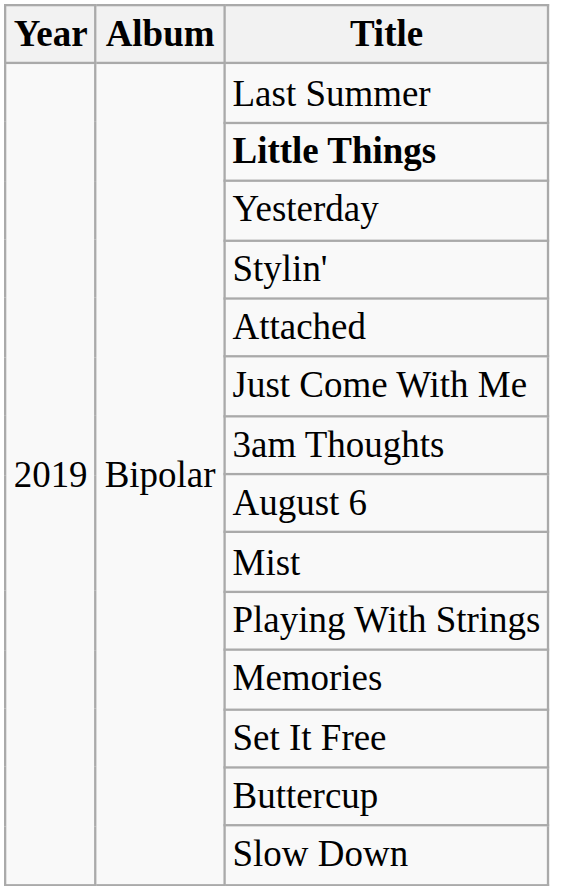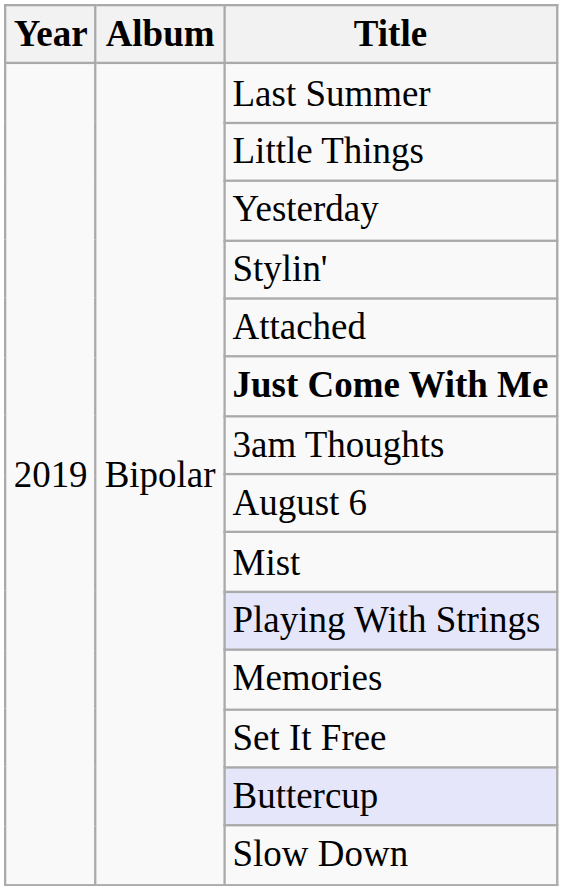 <table class="wikitable">
 <tr>
 <th>Year</th>
 <th>Album</th>
 <th>Title</th>
 </tr>
 <tr>
 <td rowspan="14">2019</td>
 <td rowspan="14">Bipolar</td>
 <td>Last Summer</td>
 </tr>
 <tr>
-<td><strong>Little Things</strong></td>
+<td>Little Things</td>
 </tr>
 <tr>
 <td>Yesterday</td>
 </tr>
 <tr>
 <td>Stylin'</td>
 </tr>
 <tr>
 <td>Attached</td>
 </tr>
 <tr>
-<td>Just Come With Me</td>
+<td><strong>Just Come With Me</strong></td>
 </tr>
 <tr>
 <td>3am Thoughts</td>
 </tr>
 <tr>
 <td>August 6</td>
 </tr>
 <tr>
 <td>Mist</td>
 </tr>
 <tr>
-<td>Playing With Strings</td>
+<td style="background: lavender;">Playing With Strings</td>
 </tr>
 <tr>
 <td>Memories</td>
 </tr>
 <tr>
 <td>Set It Free</td>
 </tr>
 <tr>
-<td>Buttercup</td>
+<td style="background: lavender;">Buttercup</td>
 </tr>
 <tr>
 <td>Slow Down</td>
 </tr>
 </table>
